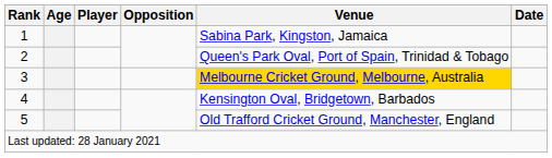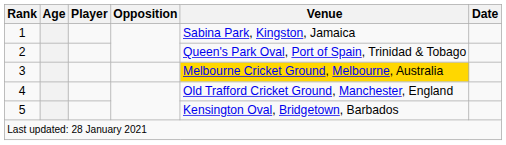 <table class="wikitable plainrowheaders sortable">
 <tr>
 <th scope=col>Rank</th>
 <th scope=col>Age</th>
 <th scope=col>Player</th>
 <th scope=col>Opposition</th>
 <th scope=col>Venue</th>
 <th scope=col>Date</th>
 </tr>
 <tr>
 <td align=center>1</td>
 <th scope="row" style="text-align:center;"></th>
 <td></td>
 <td rowspan=2></td>
 <td><a href='#'>Sabina Park</a>, <a href='#'>Kingston</a>, Jamaica</td>
 <td></td>
 </tr>
 <tr>
 <td align=center>2</td>
 <th scope=row style=text-align:center;></th>
 <td></td>
 <td><a href='#'>Queen's Park Oval</a>, <a href='#'>Port of Spain</a>, Trinidad & Tobago</td>
 <td></td>
 </tr>
 <tr>
 <td align=center>3</td>
 <th scope=row style=text-align:center;></th>
 <td></td>
 <td></td>
 <td style="background: gold;"><a href='#'>Melbourne Cricket Ground</a>, <a href='#'>Melbourne</a>, Australia</td>
 <td></td>
 </tr>
 <tr>
 <td align=center>4</td>
 <th scope=row style=text-align:center;></th>
 <td></td>
 <td rowspan=2></td>
-<td><a href='#'>Kensington Oval</a>, <a href='#'>Bridgetown</a>, Barbados</td>
+<td><a href='#'>Old Trafford Cricket Ground</a>, <a href='#'>Manchester</a>, England</td>
 <td></td>
 </tr>
 <tr>
 <td align=center>5</td>
 <th scope=row style=text-align:center;></th>
 <td></td>
-<td><a href='#'>Old Trafford Cricket Ground</a>, <a href='#'>Manchester</a>, England</td>
+<td><a href='#'>Kensington Oval</a>, <a href='#'>Bridgetown</a>, Barbados</td>
 <td></td>
 </tr>
 <tr class=sortbottom>
 <td colspan=7><small>Last updated: 28 January 2021</small></td>
 </tr>
 </table>
